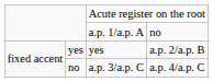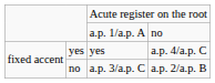 <table class="wikitable">
 <tr>
 <td colspan=2 rowspan=2></td>
 <td colspan=2>Acute register on the root</td>
 </tr>
 <tr>
 <td>a.p. 1/a.p. A</td>
 <td>no</td>
 </tr>
 <tr>
 <td rowspan=2>fixed accent</td>
 <td>yes</td>
 <td>yes</td>
-<td>a.p. 2/a.p. B</td>
+<td>a.p. 4/a.p. C</td>
 </tr>
 <tr>
 <td>no</td>
 <td>a.p. 3/a.p. C</td>
-<td>a.p. 4/a.p. C</td>
+<td>a.p. 2/a.p. B</td>
 </tr>
 </table>
